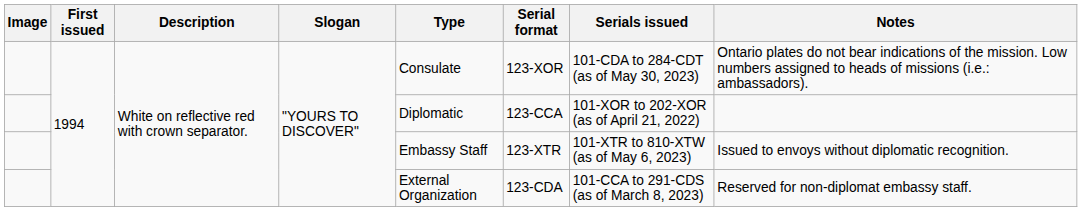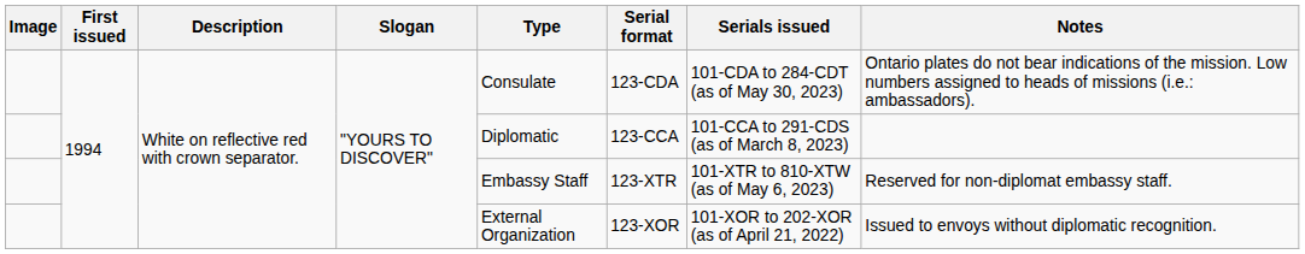 <table class="wikitable">
 <tr>
 <th>Image</th>
 <th>First issued</th>
 <th>Description</th>
 <th>Slogan</th>
 <th>Type</th>
 <th>Serial format</th>
 <th>Serials issued</th>
 <th>Notes</th>
 </tr>
 <tr>
 <td><br></td>
 <td rowspan="4">1994</td>
 <td rowspan="4">White on reflective red with crown separator.</td>
 <td rowspan="4">"YOURS TO DISCOVER"</td>
 <td>Consulate</td>
-<td>123-XOR</td>
+<td>123-CDA</td>
 <td>101-CDA to 284-CDT (as of May 30, 2023)</td>
 <td>Ontario plates do not bear indications of the mission. Low numbers assigned to heads of missions (i.e.: ambassadors).</td>
 </tr>
 <tr>
 <td><br></td>
 <td>Diplomatic</td>
 <td>123-CCA</td>
-<td>101-XOR to 202-XOR (as of April 21, 2022)</td>
+<td>101-CCA to 291-CDS (as of March 8, 2023)</td>
 <td></td>
 </tr>
 <tr>
 <td><br></td>
 <td>Embassy Staff</td>
 <td>123-XTR</td>
 <td>101-XTR to 810-XTW (as of May 6, 2023)</td>
-<td>Issued to envoys without diplomatic recognition.</td>
+<td>Reserved for non-diplomat embassy staff.</td>
 </tr>
 <tr>
 <td></td>
 <td>External Organization</td>
-<td>123-CDA</td>
-<td>101-CCA to 291-CDS (as of March 8, 2023)</td>
-<td>Reserved for non-diplomat embassy staff.</td>
+<td>123-XOR</td>
+<td>101-XOR to 202-XOR (as of April 21, 2022)</td>
+<td>Issued to envoys without diplomatic recognition.</td>
 </tr>
 </table>
